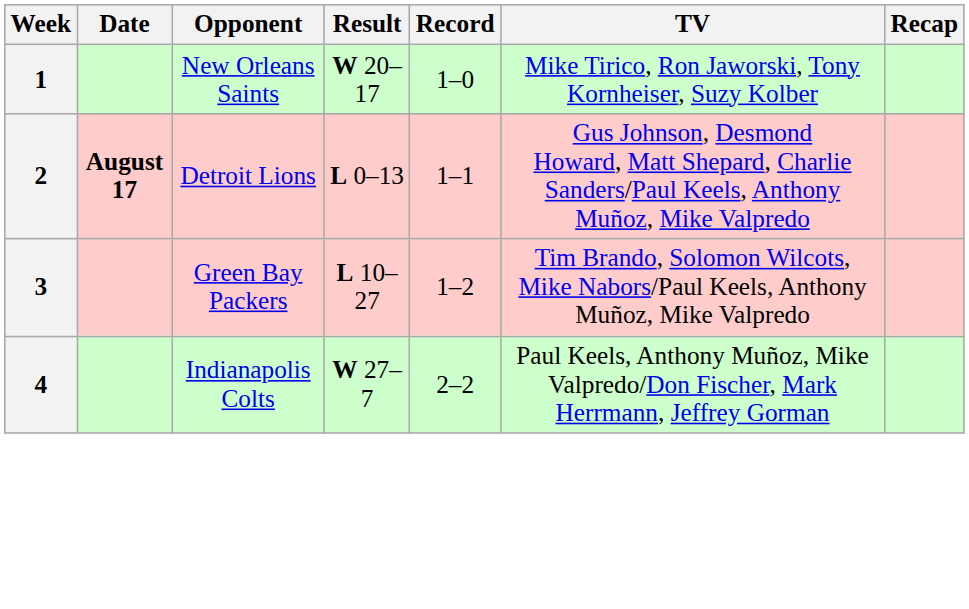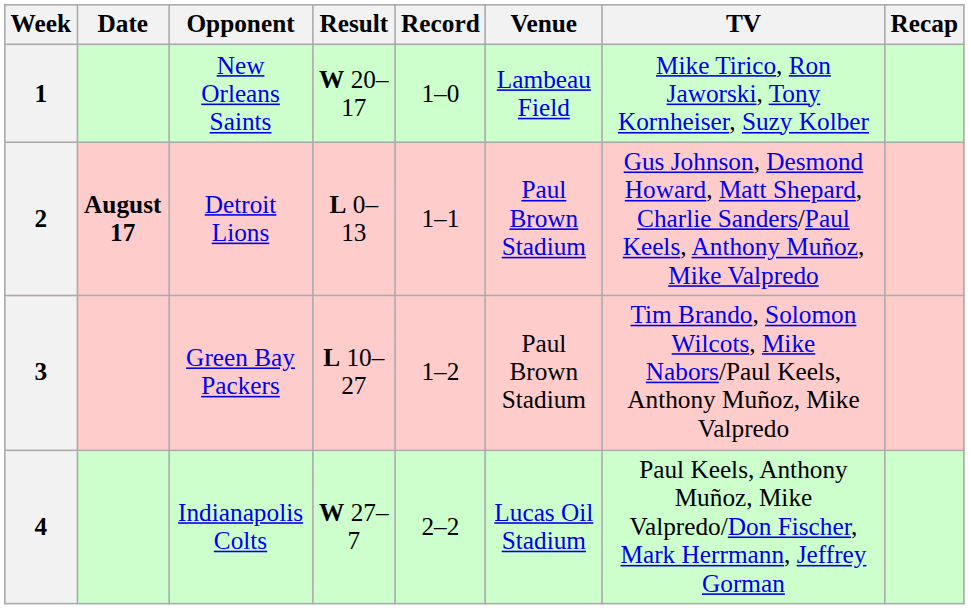 <table class="wikitable" style="text-align:center">
 <tr>
 <th>Week</th>
 <th>Date</th>
 <th>Opponent</th>
 <th>Result</th>
 <th>Record</th>
+<th>Venue</th>
 <th>TV</th>
 <th>Recap</th>
 </tr>
 <tr style="background:#cfc">
 <th>1</th>
 <td></td>
 <td><a href='#'>New Orleans Saints</a></td>
 <td><strong>W</strong> 20–17</td>
 <td>1–0</td>
+<td><a href='#'>Lambeau Field</a></td>
 <td><a href='#'>Mike Tirico</a>, <a href='#'>Ron Jaworski</a>, <a href='#'>Tony Kornheiser</a>, <a href='#'>Suzy Kolber</a></td>
 <td></td>
 </tr>
 <tr style="background:#fcc">
 <th>2</th>
 <td><strong>August 17</strong></td>
 <td><a href='#'>Detroit Lions</a></td>
 <td><strong>L</strong> 0–13</td>
 <td>1–1</td>
+<td><a href='#'>Paul Brown Stadium</a></td>
 <td><a href='#'>Gus Johnson</a>, <a href='#'>Desmond Howard</a>, <a href='#'>Matt Shepard</a>, <a href='#'>Charlie Sanders</a>/<a href='#'>Paul Keels</a>, <a href='#'>Anthony Muñoz</a>, <a href='#'>Mike Valpredo</a></td>
 <td></td>
 </tr>
 <tr style="background:#fcc">
 <th>3</th>
 <td></td>
 <td><a href='#'>Green Bay Packers</a></td>
 <td><strong>L</strong> 10–27</td>
 <td>1–2</td>
+<td>Paul Brown Stadium</td>
 <td><a href='#'>Tim Brando</a>, <a href='#'>Solomon Wilcots</a>, <a href='#'>Mike Nabors</a>/Paul Keels, Anthony Muñoz, Mike Valpredo</td>
 <td></td>
 </tr>
 <tr style="background:#cfc">
 <th>4</th>
 <td></td>
 <td><a href='#'>Indianapolis Colts</a></td>
 <td><strong>W</strong> 27–7</td>
 <td>2–2</td>
+<td><a href='#'>Lucas Oil Stadium</a></td>
 <td>Paul Keels, Anthony Muñoz, Mike Valpredo/<a href='#'>Don Fischer</a>, <a href='#'>Mark Herrmann</a>, <a href='#'>Jeffrey Gorman</a></td>
 <td></td>
 </tr>
 </table>
